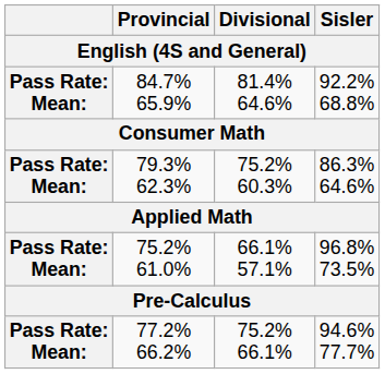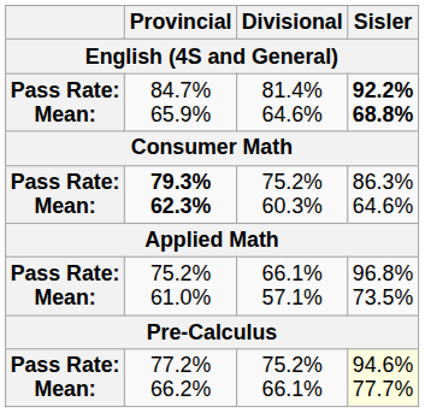 <table class="wikitable">
 <tr>
 <th></th>
 <th>Provincial</th>
 <th>Divisional</th>
 <th>Sisler</th>
 </tr>
 <tr>
 <th colspan=4>English (4S and General)</th>
 </tr>
 <tr>
 <th>Pass Rate:<br>Mean:</th>
 <td align="center">84.7%<br>65.9%</td>
 <td align="center">81.4%<br>64.6%</td>
-<td align="center">92.2%<br>68.8%</td>
+<td align="center"><strong>92.2%<br>68.8%</strong></td>
 </tr>
 <tr>
 <th colspan=4>Consumer Math</th>
 </tr>
 <tr>
 <th>Pass Rate:<br> Mean:</th>
-<td align="center">79.3%<br>62.3%</td>
+<td align="center"><strong>79.3%<br>62.3%</strong></td>
 <td align="center">75.2%<br>60.3%</td>
 <td align="center">86.3%<br>64.6%</td>
 </tr>
 <tr>
 <th colspan=4>Applied Math</th>
 </tr>
 <tr>
 <th>Pass Rate:<br>Mean:</th>
 <td align="center">75.2%<br>61.0%</td>
 <td align="center">66.1%<br>57.1%</td>
 <td align="center">96.8%<br>73.5%</td>
 </tr>
 <tr>
 <th colspan=4>Pre-Calculus</th>
 </tr>
 <tr>
 <th>Pass Rate:<br>Mean:</th>
 <td align="center">77.2%<br>66.2%</td>
 <td align="center">75.2%<br>66.1%</td>
-<td align="center">94.6%<br>77.7%</td>
+<td align="center" style="background: lightyellow;">94.6%<br>77.7%</td>
 </tr>
 </table>
